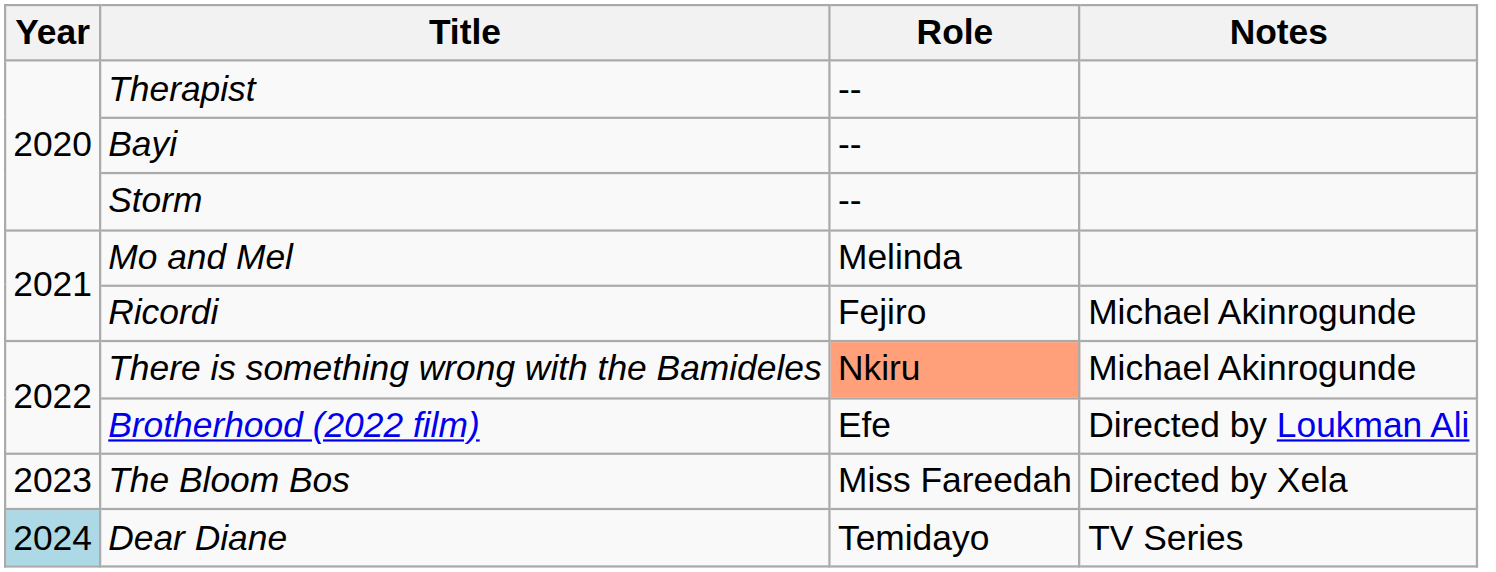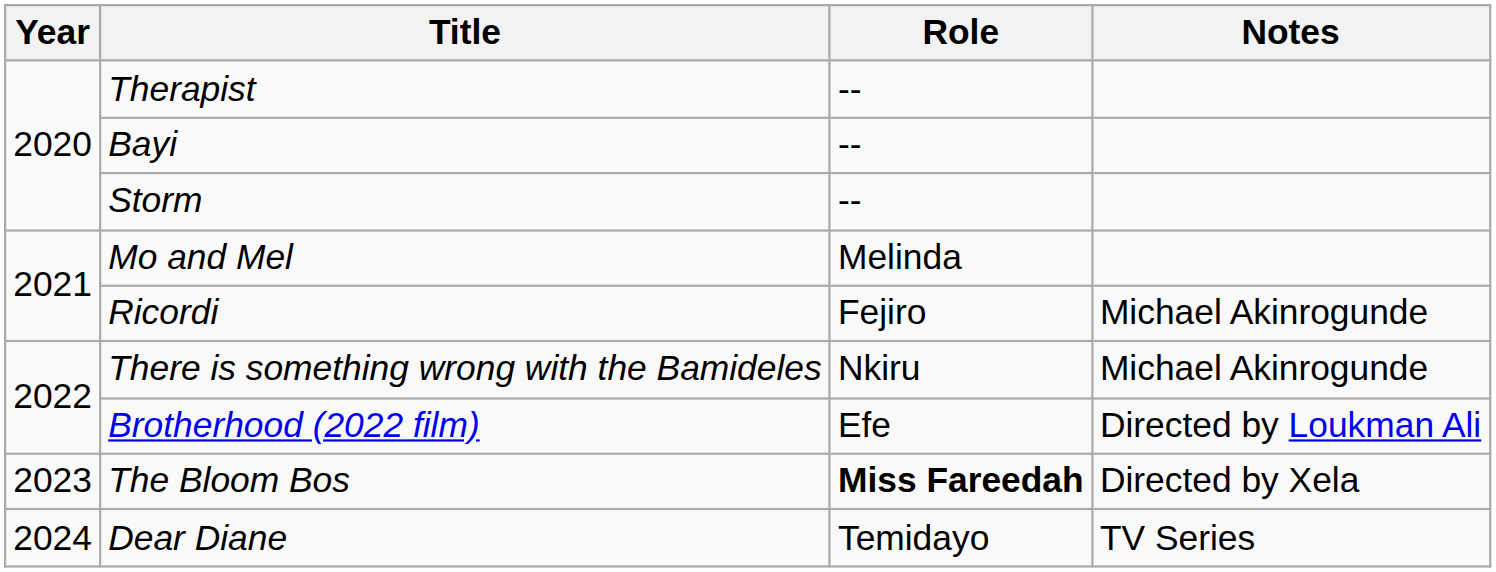 <table class="wikitable">
 <tr>
 <th>Year</th>
 <th>Title</th>
 <th>Role</th>
 <th>Notes</th>
 </tr>
 <tr>
 <td rowspan="3">2020</td>
 <td><em>Therapist</em></td>
 <td>--</td>
 <td></td>
 </tr>
 <tr>
 <td><em>Bayi</em></td>
 <td>--</td>
 <td></td>
 </tr>
 <tr>
 <td><em>Storm</em></td>
 <td>--</td>
 <td></td>
 </tr>
 <tr>
 <td rowspan="2">2021</td>
 <td><em>Mo and Mel</em></td>
 <td>Melinda</td>
 <td></td>
 </tr>
 <tr>
 <td><em>Ricordi</em></td>
 <td>Fejiro</td>
 <td>Michael Akinrogunde</td>
 </tr>
 <tr>
 <td rowspan="2">2022</td>
 <td><em>There is something wrong with the Bamideles</em></td>
-<td style="background: lightsalmon;">Nkiru</td>
+<td>Nkiru</td>
 <td>Michael Akinrogunde</td>
 </tr>
 <tr>
 <td><em><a href='#'>Brotherhood (2022 film)</a></em></td>
 <td>Efe</td>
 <td>Directed by <a href='#'>Loukman Ali</a></td>
 </tr>
 <tr>
 <td>2023</td>
 <td><em>The Bloom Bos</em></td>
-<td>Miss Fareedah</td>
+<td><strong>Miss Fareedah</strong></td>
 <td>Directed by Xela</td>
 </tr>
 <tr>
-<td style="background: lightblue;">2024</td>
+<td>2024</td>
 <td><em>Dear Diane</em></td>
 <td>Temidayo</td>
 <td>TV Series</td>
 </tr>
 </table>
